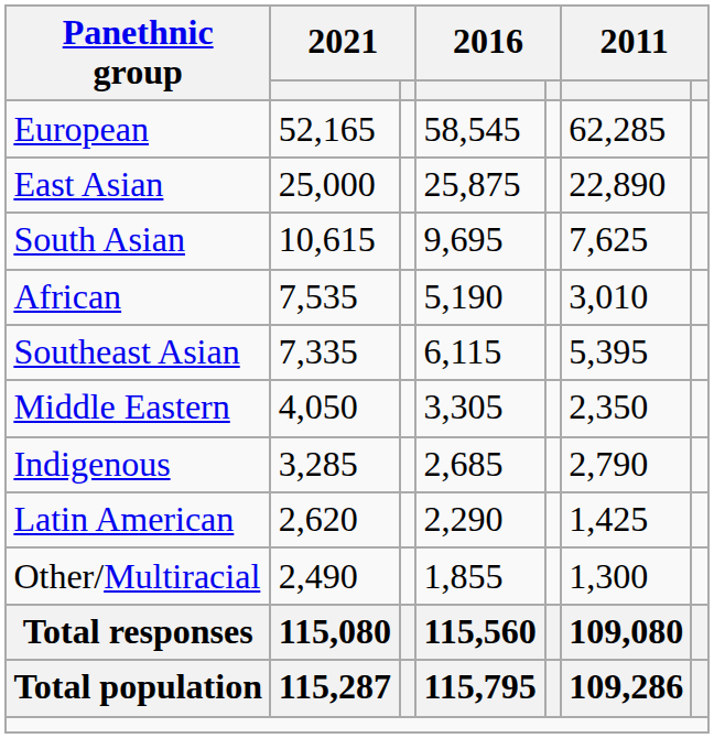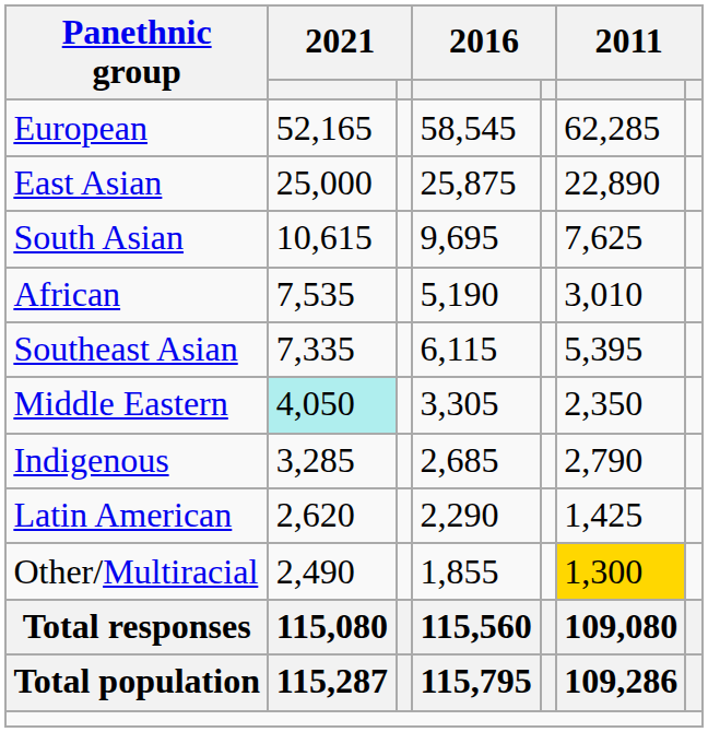 <table class="wikitable collapsible sortable">
 <tr>
 <th rowspan="2"><a href='#'>Panethnic</a><br>group</th>
 <th colspan="2">2021</th>
 <th colspan="2">2016</th>
 <th colspan="2">2011</th>
 </tr>
 <tr>
 <th><a href='#'></a></th>
 <th></th>
 <th></th>
 <th></th>
 <th></th>
 <th></th>
 </tr>
 <tr>
 <td><a href='#'>European</a></td>
 <td>52,165</td>
 <td></td>
 <td>58,545</td>
 <td></td>
 <td>62,285</td>
 <td></td>
 </tr>
 <tr>
 <td><a href='#'>East Asian</a></td>
 <td>25,000</td>
 <td></td>
 <td>25,875</td>
 <td></td>
 <td>22,890</td>
 <td></td>
 </tr>
 <tr>
 <td><a href='#'>South Asian</a></td>
 <td>10,615</td>
 <td></td>
 <td>9,695</td>
 <td></td>
 <td>7,625</td>
 <td></td>
 </tr>
 <tr>
 <td><a href='#'>African</a></td>
 <td>7,535</td>
 <td></td>
 <td>5,190</td>
 <td></td>
 <td>3,010</td>
 <td></td>
 </tr>
 <tr>
 <td><a href='#'>Southeast Asian</a></td>
 <td>7,335</td>
 <td></td>
 <td>6,115</td>
 <td></td>
 <td>5,395</td>
 <td></td>
 </tr>
 <tr>
 <td><a href='#'>Middle Eastern</a></td>
-<td>4,050</td>
+<td style="background: paleturquoise;">4,050</td>
 <td></td>
 <td>3,305</td>
 <td></td>
 <td>2,350</td>
 <td></td>
 </tr>
 <tr>
 <td><a href='#'>Indigenous</a></td>
 <td>3,285</td>
 <td></td>
 <td>2,685</td>
 <td></td>
 <td>2,790</td>
 <td></td>
 </tr>
 <tr>
 <td><a href='#'>Latin American</a></td>
 <td>2,620</td>
 <td></td>
 <td>2,290</td>
 <td></td>
 <td>1,425</td>
 <td></td>
 </tr>
 <tr>
 <td>Other/<a href='#'>Multiracial</a></td>
 <td>2,490</td>
 <td></td>
 <td>1,855</td>
 <td></td>
-<td>1,300</td>
+<td style="background: gold;">1,300</td>
 <td></td>
 </tr>
 <tr>
 <th>Total responses</th>
 <th>115,080</th>
 <th></th>
 <th>115,560</th>
 <th></th>
 <th>109,080</th>
 <th></th>
 </tr>
 <tr>
 <th>Total population</th>
 <th>115,287</th>
 <th></th>
 <th>115,795</th>
 <th></th>
 <th>109,286</th>
 <th></th>
 </tr>
 <tr class="sortbottom">
 <td colspan="15"></td>
 </tr>
 </table>
